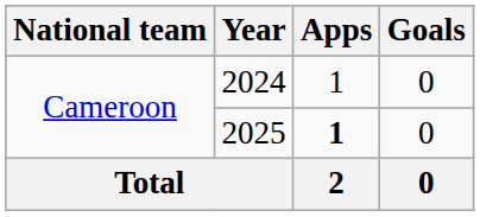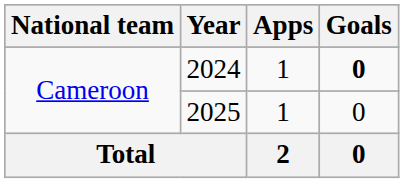 <table class="wikitable" style="text-align:center">
 <tr>
 <th>National team</th>
 <th>Year</th>
 <th>Apps</th>
 <th>Goals</th>
 </tr>
 <tr>
 <td rowspan="2"><a href='#'>Cameroon</a></td>
 <td>2024</td>
 <td>1</td>
-<td>0</td>
+<td><strong>0</strong></td>
 </tr>
 <tr>
 <td>2025</td>
-<td><strong>1</strong></td>
+<td>1</td>
 <td>0</td>
 </tr>
 <tr>
 <th colspan="2">Total</th>
 <th>2</th>
 <th>0</th>
 </tr>
 </table>
